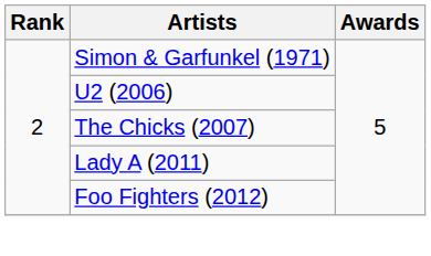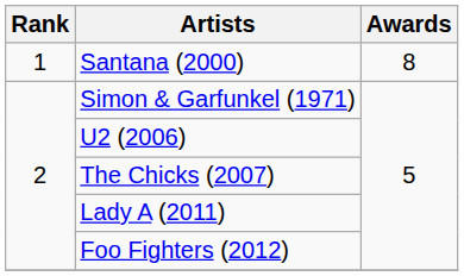 <table class="wikitable" style="text-align: center; cellpadding: 2;">
 <tr>
 <th>Rank</th>
 <th>Artists</th>
 <th>Awards</th>
+</tr>
+<tr>
+<td>1</td>
+<td style="text-align: left;"><a href='#'>Santana</a> (<a href='#'>2000</a>)</td>
+<td>8</td>
 </tr>
 <tr>
 <td rowspan="5">2</td>
 <td style="text-align: left;"><a href='#'>Simon & Garfunkel</a> (<a href='#'>1971</a>)</td>
 <td rowspan="5">5</td>
 </tr>
 <tr>
 <td style="text-align: left;"><a href='#'>U2</a> (<a href='#'>2006</a>)</td>
 </tr>
 <tr>
 <td style="text-align: left;"><a href='#'>The Chicks</a> (<a href='#'>2007</a>)</td>
 </tr>
 <tr>
 <td style="text-align: left;"><a href='#'>Lady A</a> (<a href='#'>2011</a>)</td>
 </tr>
 <tr>
 <td style="text-align: left;"><a href='#'>Foo Fighters</a> (<a href='#'>2012</a>)</td>
 </tr>
 <tr>
 </tr>
 </table>
